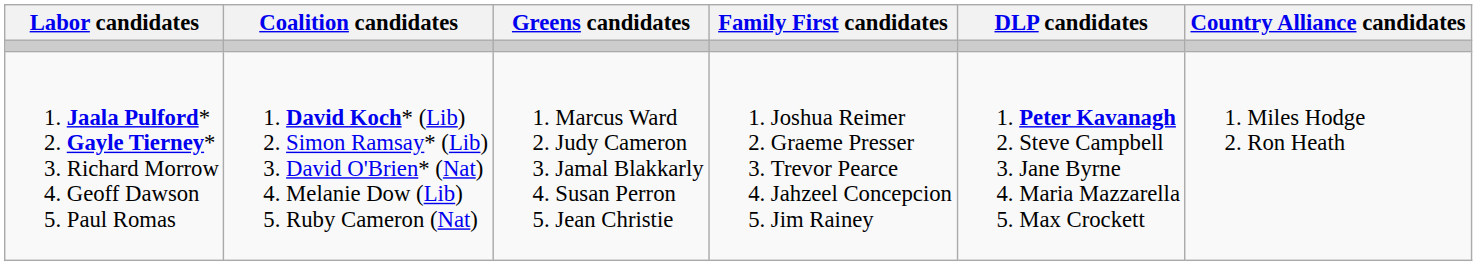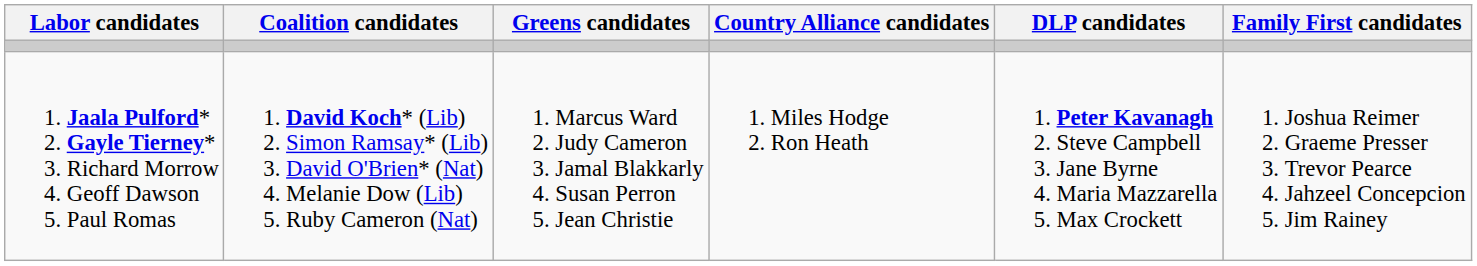 <table class="wikitable">
 <tr>
 <th><a href='#'>Labor</a> candidates</th>
 <th><a href='#'>Coalition</a> candidates</th>
 <th><a href='#'>Greens</a> candidates</th>
+<th><a href='#'>Country Alliance</a> candidates</th>
+<th><a href='#'>DLP</a> candidates</th>
 <th><a href='#'>Family First</a> candidates</th>
-<th><a href='#'>DLP</a> candidates</th>
-<th><a href='#'>Country Alliance</a> candidates</th>
 </tr>
 <tr bgcolor="#cccccc">
 <td></td>
 <td></td>
 <td></td>
 <td></td>
 <td></td>
 <td></td>
 </tr>
 <tr>
 <td><br><ol><li><strong><a href='#'>Jaala Pulford</a></strong>*</li><li><strong><a href='#'>Gayle Tierney</a></strong>*</li><li>Richard Morrow</li><li>Geoff Dawson</li><li>Paul Romas</li></ol></td>
 <td><br><ol><li><strong><a href='#'>David Koch</a></strong>* (<a href='#'>Lib</a>)</li><li><a href='#'>Simon Ramsay</a>* (<a href='#'>Lib</a>)</li><li><a href='#'>David O'Brien</a>* (<a href='#'>Nat</a>)</li><li>Melanie Dow (<a href='#'>Lib</a>)</li><li>Ruby Cameron (<a href='#'>Nat</a>)</li></ol></td>
 <td valign=top><br><ol><li>Marcus Ward</li><li>Judy Cameron</li><li>Jamal Blakkarly</li><li>Susan Perron</li><li>Jean Christie</li></ol></td>
+<td valign=top><br><ol><li>Miles Hodge</li><li>Ron Heath</li></ol></td>
+<td valign=top><br><ol><li><strong><a href='#'>Peter Kavanagh</a></strong></li><li>Steve Campbell</li><li>Jane Byrne</li><li>Maria Mazzarella</li><li>Max Crockett</li></ol></td>
 <td valign=top><br><ol><li>Joshua Reimer</li><li>Graeme Presser</li><li>Trevor Pearce</li><li>Jahzeel Concepcion</li><li>Jim Rainey</li></ol></td>
-<td valign=top><br><ol><li><strong><a href='#'>Peter Kavanagh</a></strong></li><li>Steve Campbell</li><li>Jane Byrne</li><li>Maria Mazzarella</li><li>Max Crockett</li></ol></td>
-<td valign=top><br><ol><li>Miles Hodge</li><li>Ron Heath</li></ol></td>
 </tr>
 </table>
